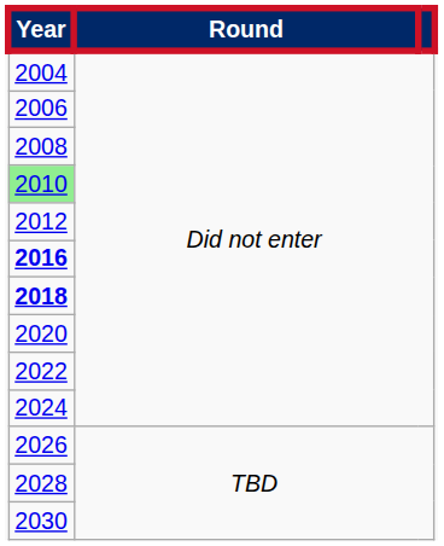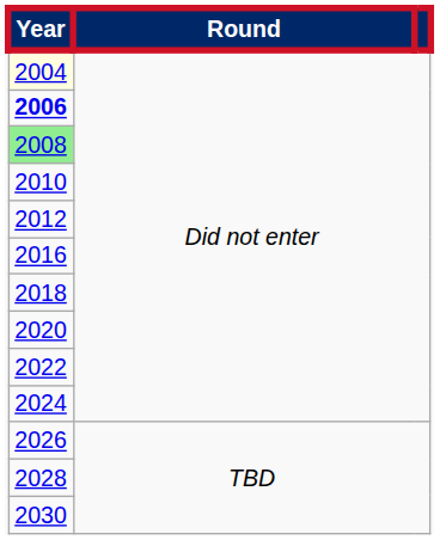 <table class="wikitable" style="text-align: center; font-size:90%">
 <tr style="color:white;">
 <th style="background:#002868; border: 4px solid #CE1126; ">Year</th>
 <th style="background:#002868; border: 4px solid #CE1126; width:200px">Round</th>
 <th style="background:#002868; border: 4px solid #CE1126;"></th>
 </tr>
 <tr>
-<td><a href='#'>2004</a></td>
+<td style="background: lightyellow;"><a href='#'>2004</a></td>
 <td colspan="2" rowspan="10"><em>Did not enter</em></td>
 </tr>
 <tr>
-<td><a href='#'>2006</a></td>
+<td><strong><a href='#'>2006</a></strong></td>
 </tr>
 <tr>
-<td><a href='#'>2008</a></td>
+<td style="background: lightgreen;"><a href='#'>2008</a></td>
 </tr>
 <tr>
-<td style="background: lightgreen;"><a href='#'>2010</a></td>
+<td><a href='#'>2010</a></td>
 </tr>
 <tr>
 <td><a href='#'>2012</a></td>
 </tr>
 <tr>
-<td><strong><a href='#'>2016</a></strong></td>
+<td><a href='#'>2016</a></td>
 </tr>
 <tr>
-<td><strong><a href='#'>2018</a></strong></td>
+<td><a href='#'>2018</a></td>
 </tr>
 <tr>
 <td><a href='#'>2020</a></td>
 </tr>
 <tr>
 <td><a href='#'>2022</a></td>
 </tr>
 <tr>
 <td><a href='#'>2024</a></td>
 </tr>
 <tr>
 <td><a href='#'>2026</a></td>
 <td colspan="2" rowspan="3"><em>TBD</em></td>
 </tr>
 <tr>
 <td><a href='#'>2028</a></td>
 </tr>
 <tr>
 <td><a href='#'>2030</a></td>
 </tr>
 </table>
